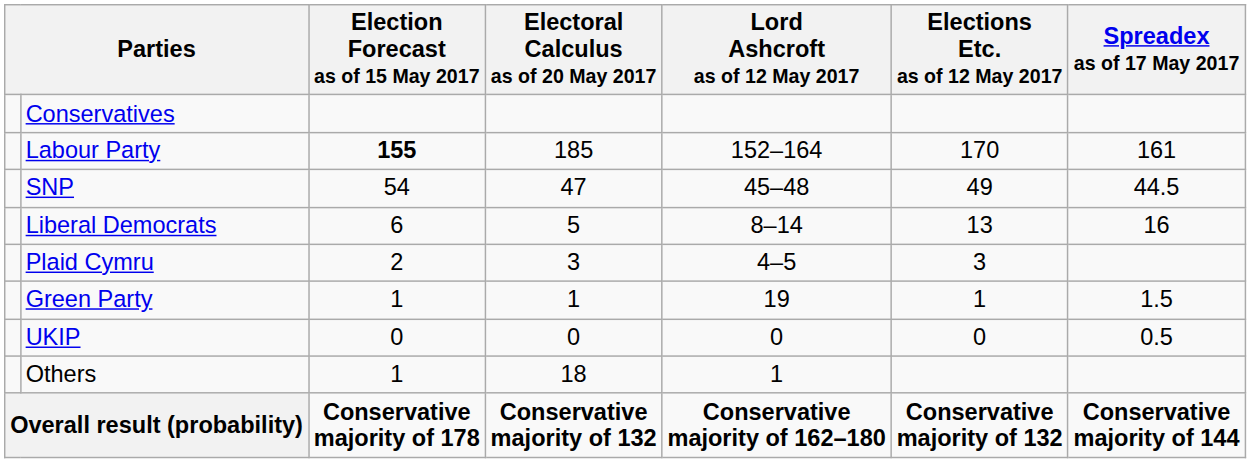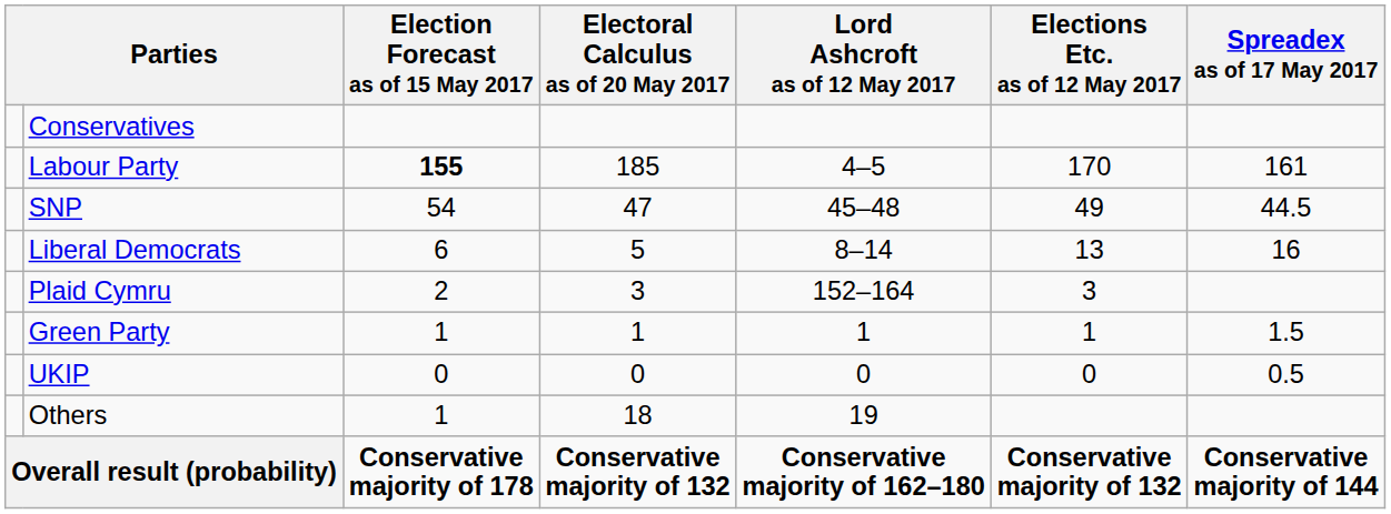 <table class="wikitable">
 <tr>
 <th colspan="2">Parties</th>
 <th style="vertical-align:top;">Election<br>Forecast<br><small>as of 15 May 2017</small></th>
 <th style="vertical-align:top;">Electoral <br> Calculus<br><small>as of 20 May 2017</small></th>
 <th style="vertical-align:top;">Lord <br> Ashcroft<br><small>as of 12 May 2017</small></th>
 <th style="vertical-align:top;">Elections<br>Etc.<br><small>as of 12 May 2017</small></th>
 <th><a href='#'>Spreadex</a><br><small>as of 17 May 2017</small></th>
 </tr>
 <tr>
 <td></td>
 <td><a href='#'>Conservatives</a></td>
 <td></td>
 <td></td>
 <td></td>
 <td></td>
 <td></td>
 </tr>
 <tr>
 <td></td>
 <td><a href='#'>Labour Party</a></td>
 <td style="text-align:center;"><strong>155</strong></td>
 <td style="text-align:center;">185</td>
-<td style="text-align:center;">152–164</td>
+<td style="text-align:center;">4–5</td>
 <td style="text-align:center;">170</td>
 <td style="text-align:center;">161</td>
 </tr>
 <tr>
 <td></td>
 <td><a href='#'>SNP</a></td>
 <td style="text-align:center;">54</td>
 <td style="text-align:center;">47</td>
 <td style="text-align:center;">45–48</td>
 <td style="text-align:center;">49</td>
 <td style="text-align:center;">44.5</td>
 </tr>
 <tr>
 <td></td>
 <td><a href='#'>Liberal Democrats</a></td>
 <td style="text-align:center;">6</td>
 <td style="text-align:center;">5</td>
 <td style="text-align:center;">8–14</td>
 <td style="text-align:center;">13</td>
 <td style="text-align:center;">16</td>
 </tr>
 <tr>
 <td></td>
 <td><a href='#'>Plaid Cymru</a></td>
 <td style="text-align:center;">2</td>
 <td style="text-align:center;">3</td>
-<td style="text-align:center;">4–5</td>
+<td style="text-align:center;">152–164</td>
 <td style="text-align:center;">3</td>
 <td></td>
 </tr>
 <tr>
 <td></td>
 <td><a href='#'>Green Party</a></td>
 <td style="text-align:center;">1</td>
 <td style="text-align:center;">1</td>
-<td style="text-align:center;">19</td>
+<td style="text-align:center;">1</td>
 <td style="text-align:center;">1</td>
 <td style="text-align:center;">1.5</td>
 </tr>
 <tr>
 <td></td>
 <td><a href='#'>UKIP</a></td>
 <td style="text-align:center;">0</td>
 <td style="text-align:center;">0</td>
 <td style="text-align:center;">0</td>
 <td style="text-align:center;">0</td>
 <td style="text-align:center;">0.5</td>
 </tr>
 <tr>
 <td></td>
 <td>Others</td>
 <td style="text-align:center;">1</td>
 <td style="text-align:center;">18</td>
-<td style="text-align:center;">1</td>
+<td style="text-align:center;">19</td>
 <td></td>
 <td></td>
 </tr>
 <tr>
 <th colspan="2">Overall result (probability)</th>
 <td style="text-align:center; background:"><strong>Conservative <br> majority of 178</strong></td>
 <td style="text-align:center; background:"><strong>Conservative <br> majority of 132</strong></td>
 <td style="text-align:center; background:"><strong>Conservative <br> majority of 162–180</strong></td>
 <td style="text-align:center; background:"><strong>Conservative <br> majority of 132</strong></td>
 <td style="text-align:center; background:"><strong>Conservative <br> majority of 144</strong></td>
 </tr>
 </table>
